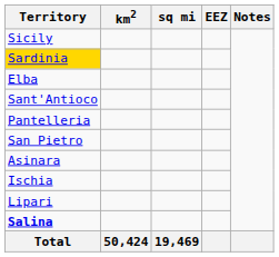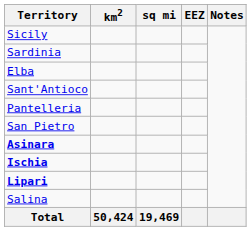 <table class="wikitable">
 <tr>
 <th>Territory</th>
 <th>km<sup>2</sup></th>
 <th>sq mi</th>
 <th>EEZ</th>
 <th>Notes</th>
 </tr>
 <tr>
 <td><a href='#'>Sicily</a></td>
 <td></td>
 <td></td>
 <td></td>
 </tr>
 <tr>
-<td style="background: gold;"><a href='#'>Sardinia</a></td>
+<td><a href='#'>Sardinia</a></td>
 <td></td>
 <td></td>
 <td></td>
 </tr>
 <tr>
 <td><a href='#'>Elba</a></td>
 <td></td>
 <td></td>
 <td></td>
 </tr>
 <tr>
 <td><a href='#'>Sant'Antioco</a></td>
 <td></td>
 <td></td>
 <td></td>
 </tr>
 <tr>
 <td><a href='#'>Pantelleria</a></td>
 <td></td>
 <td></td>
 <td></td>
 </tr>
 <tr>
 <td><a href='#'>San Pietro</a></td>
 <td></td>
 <td></td>
 <td></td>
 </tr>
 <tr>
-<td><a href='#'>Asinara</a></td>
+<td><strong><a href='#'>Asinara</a></strong></td>
 <td></td>
 <td></td>
 <td></td>
 </tr>
 <tr>
-<td><a href='#'>Ischia</a></td>
+<td><strong><a href='#'>Ischia</a></strong></td>
 <td></td>
 <td></td>
 <td></td>
 </tr>
 <tr>
-<td><a href='#'>Lipari</a></td>
+<td><strong><a href='#'>Lipari</a></strong></td>
 <td></td>
 <td></td>
 <td></td>
 </tr>
 <tr>
-<td><strong><a href='#'>Salina</a></strong></td>
+<td><a href='#'>Salina</a></td>
 <td></td>
 <td></td>
 <td></td>
 </tr>
 <tr>
 <th>Total</th>
 <th>50,424</th>
 <th>19,469</th>
 <th></th>
 <th></th>
 </tr>
 </table>
